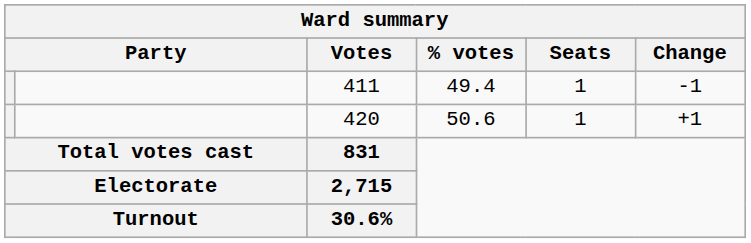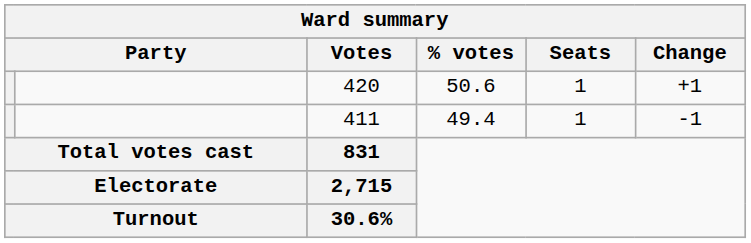 <table class="wikitable" style="font-size: 95%;">
 <tr>
 <th colspan="6">Ward summary</th>
 </tr>
 <tr>
 <th colspan="2">Party</th>
 <th style="width: 60px">Votes</th>
 <th style="width: 60px">% votes</th>
 <th style="width: 60px">Seats</th>
 <th style="width: 60px">Change</th>
 </tr>
 <tr>
 <th style="background-color: "></th>
 <td style="width: 170px"><a href='#'></a></td>
+<td align="center">420</td>
+<td align="center">50.6</td>
+<td align="center">1</td>
+<td align="center">+1</td>
+</tr>
+<tr>
+<th style="background-color: "></th>
+<td style="width: 170px"><a href='#'></a></td>
 <td align="center">411</td>
 <td align="center">49.4</td>
 <td align="center">1</td>
 <td align="center">-1</td>
-</tr>
-<tr>
-<th style="background-color: "></th>
-<td style="width: 170px"><a href='#'></a></td>
-<td align="center">420</td>
-<td align="center">50.6</td>
-<td align="center">1</td>
-<td align="center">+1</td>
 </tr>
 <tr style="background-color:#E9E9E9">
 <th colspan="2">Total votes cast</th>
 <th style="width: 60px">831</th>
 </tr>
 <tr style="background-color:#E9E9E9">
 <th colspan="2">Electorate</th>
 <th style="width: 60px">2,715</th>
 </tr>
 <tr style="background-color:#E9E9E9">
 <th colspan="2">Turnout</th>
 <th style="width: 60px">30.6%</th>
 </tr>
 </table>
